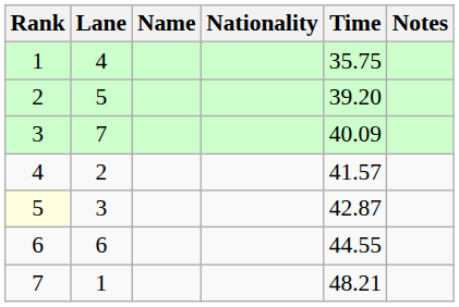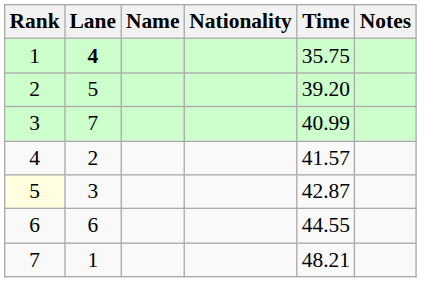 <table class="wikitable sortable" style="text-align:center">
 <tr>
 <th>Rank</th>
 <th>Lane</th>
 <th>Name</th>
 <th>Nationality</th>
 <th>Time</th>
 <th>Notes</th>
 </tr>
 <tr bgcolor=ccffcc>
 <td>1</td>
-<td>4</td>
+<td><strong>4</strong></td>
 <td align=left></td>
 <td align=left></td>
 <td>35.75</td>
 <td><strong></strong></td>
 </tr>
 <tr bgcolor=ccffcc>
 <td>2</td>
 <td>5</td>
 <td align=left></td>
 <td align=left></td>
 <td>39.20</td>
 <td><strong></strong></td>
 </tr>
 <tr bgcolor=ccffcc>
 <td>3</td>
 <td>7</td>
 <td align=left></td>
 <td align=left></td>
-<td>40.09</td>
+<td>40.99</td>
 <td><strong></strong></td>
 </tr>
 <tr>
 <td>4</td>
 <td>2</td>
 <td align=left></td>
 <td align=left></td>
 <td>41.57</td>
 <td></td>
 </tr>
 <tr>
 <td style="background: lightyellow;">5</td>
 <td>3</td>
 <td align=left></td>
 <td align=left></td>
 <td>42.87</td>
 <td></td>
 </tr>
 <tr>
 <td>6</td>
 <td>6</td>
 <td align=left></td>
 <td align=left></td>
 <td>44.55</td>
 <td></td>
 </tr>
 <tr>
 <td>7</td>
 <td>1</td>
 <td align=left></td>
 <td align=left></td>
 <td>48.21</td>
 <td></td>
 </tr>
 </table>
